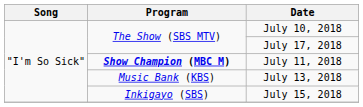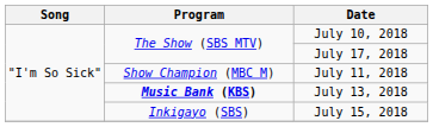 <table class="wikitable" style="text-align:center">
 <tr>
 <th>Song</th>
 <th width="200">Program</th>
 <th width="140">Date</th>
 </tr>
 <tr>
 <td rowspan="5">"I'm So Sick"</td>
 <td rowspan="2"><em><a href='#'>The Show</a></em> (<a href='#'>SBS MTV</a>)</td>
 <td>July 10, 2018</td>
 </tr>
 <tr>
 <td>July 17, 2018</td>
 </tr>
 <tr>
-<td><strong><em><a href='#'>Show Champion</a></em> (<a href='#'>MBC M</a>)</strong></td>
+<td><em><a href='#'>Show Champion</a></em> (<a href='#'>MBC M</a>)</td>
 <td>July 11, 2018</td>
 </tr>
 <tr>
-<td><em><a href='#'>Music Bank</a></em> (<a href='#'>KBS</a>)</td>
+<td><strong><em><a href='#'>Music Bank</a></em> (<a href='#'>KBS</a>)</strong></td>
 <td>July 13, 2018</td>
 </tr>
 <tr>
 <td><em><a href='#'>Inkigayo</a></em> (<a href='#'>SBS</a>)</td>
 <td>July 15, 2018</td>
 </tr>
 <tr>
 </tr>
 </table>
